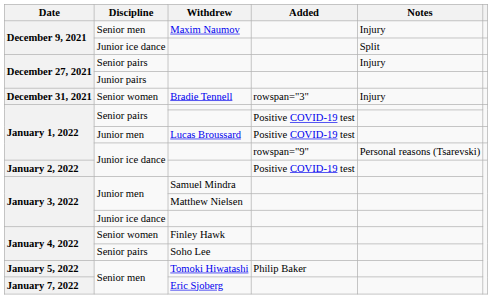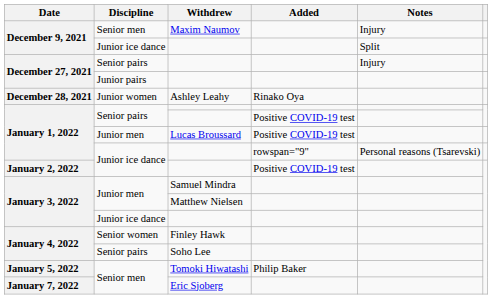 <table class="wikitable unsortable" style="text-align:left;">
 <tr>
 <th scope="col">Date</th>
 <th scope="col">Discipline</th>
 <th scope="col">Withdrew</th>
 <th scope="col">Added</th>
 <th scope="col">Notes</th>
 <th scope="col"></th>
 </tr>
 <tr>
 <th scope="row" style="text-align:left" rowspan=2>December 9, 2021</th>
 <td>Senior men</td>
 <td><a href='#'>Maxim Naumov</a></td>
 <td></td>
 <td>Injury</td>
 <td></td>
 </tr>
 <tr>
 <td>Junior ice dance</td>
 <td></td>
 <td></td>
 <td>Split</td>
 <td></td>
 </tr>
 <tr>
 <th scope="row" style="text-align:left" rowspan=2>December 27, 2021</th>
 <td>Senior pairs</td>
 <td></td>
 <td></td>
 <td>Injury</td>
 <td></td>
 </tr>
 <tr>
 <td>Junior pairs</td>
 <td></td>
 <td></td>
 <td></td>
 <td></td>
 </tr>
 <tr>
-<th scope="row" style="text-align:left">December 31, 2021</th>
-<td>Senior women</td>
-<td><a href='#'>Bradie Tennell</a></td>
-<td>rowspan="3" </td>
-<td>Injury</td>
+<th scope="row" style="text-align:left">December 28, 2021</th>
+<td>Junior women</td>
+<td>Ashley Leahy</td>
+<td>Rinako Oya</td>
+<td></td>
 <td></td>
 </tr>
 <tr>
 <th scope="row" style="text-align:left" rowspan=4>January 1, 2022</th>
 <td rowspan=2>Senior pairs</td>
 <td></td>
 <td></td>
 <td></td>
 </tr>
 <tr>
 <td></td>
 <td>Positive <a href='#'>COVID-19</a> test</td>
 <td></td>
 </tr>
 <tr>
 <td>Junior men</td>
 <td><a href='#'>Lucas Broussard</a></td>
 <td>Positive <a href='#'>COVID-19</a> test</td>
 <td></td>
 <td></td>
 </tr>
 <tr>
 <td rowspan=2>Junior ice dance</td>
 <td></td>
 <td>rowspan="9" </td>
 <td>Personal reasons (Tsarevski)</td>
 <td></td>
 </tr>
 <tr>
 <th scope="row" style="text-align:left">January 2, 2022</th>
 <td></td>
 <td>Positive <a href='#'>COVID-19</a> test</td>
 <td></td>
 </tr>
 <tr>
 <th scope="row" style="text-align:left" rowspan=3>January 3, 2022</th>
 <td rowspan=2>Junior men</td>
 <td>Samuel Mindra</td>
 <td></td>
 <td></td>
 </tr>
 <tr>
 <td>Matthew Nielsen</td>
 <td></td>
 <td></td>
 </tr>
 <tr>
 <td>Junior ice dance</td>
 <td></td>
 <td></td>
 <td></td>
 </tr>
 <tr>
 <th scope="row" style="text-align:left" rowspan=2>January 4, 2022</th>
 <td>Senior women</td>
 <td>Finley Hawk</td>
 <td></td>
 <td></td>
 </tr>
 <tr>
 <td>Senior pairs</td>
 <td>Soho Lee</td>
 <td></td>
 <td></td>
 </tr>
 <tr>
 <th scope="row" style="text-align:left">January 5, 2022</th>
 <td rowspan=2>Senior men</td>
 <td><a href='#'>Tomoki Hiwatashi</a></td>
 <td>Philip Baker</td>
 <td></td>
 </tr>
 <tr>
 <th scope="row" style="text-align:left">January 7, 2022</th>
 <td><a href='#'>Eric Sjoberg</a></td>
 <td></td>
 <td></td>
 </tr>
 </table>
